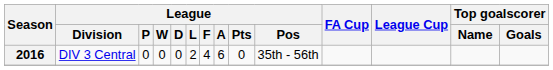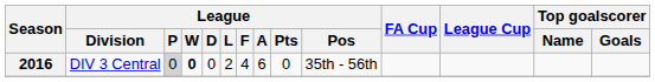 <table class="wikitable" style="text-align: center">
 <tr>
 <th rowspan=2>Season</th>
 <th colspan=9>League</th>
 <th rowspan=2><a href='#'>FA Cup</a></th>
 <th rowspan=2><a href='#'>League Cup</a></th>
 <th colspan=2>Top goalscorer</th>
 </tr>
 <tr>
 <th>Division</th>
 <th>P</th>
 <th>W</th>
 <th>D</th>
 <th>L</th>
 <th>F</th>
 <th>A</th>
 <th>Pts</th>
 <th>Pos</th>
 <th>Name</th>
 <th>Goals</th>
 </tr>
 <tr>
 <th>2016</th>
 <td><a href='#'>DIV 3 Central</a></td>
-<td>0</td>
-<td>0</td>
+<td style="background: lightgrey;">0</td>
+<td><strong>0</strong></td>
 <td>0</td>
 <td>2</td>
 <td>4</td>
 <td>6</td>
 <td>0</td>
 <td>35th - 56th</td>
 <td></td>
 <td></td>
 <td></td>
 <td></td>
 </tr>
 <tr>
 </tr>
 </table>
